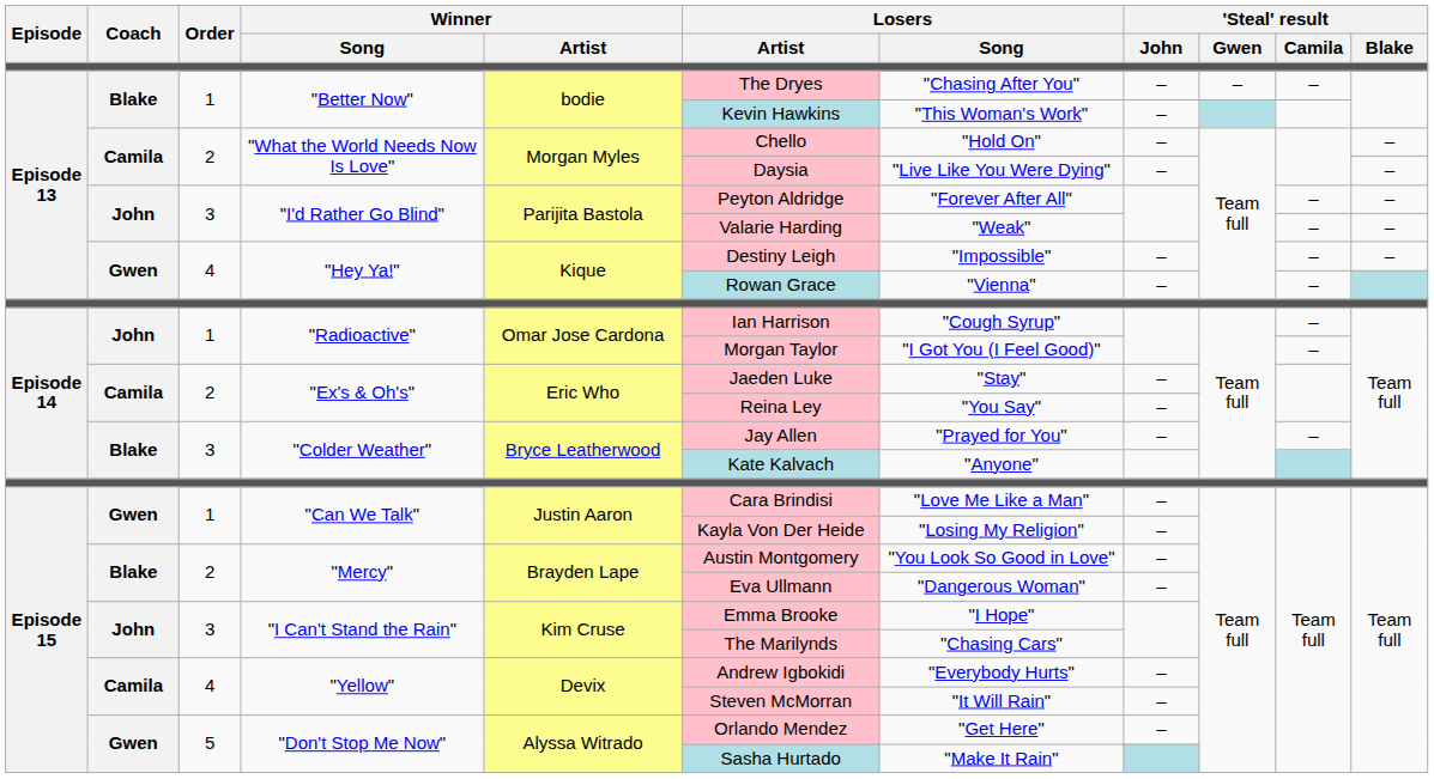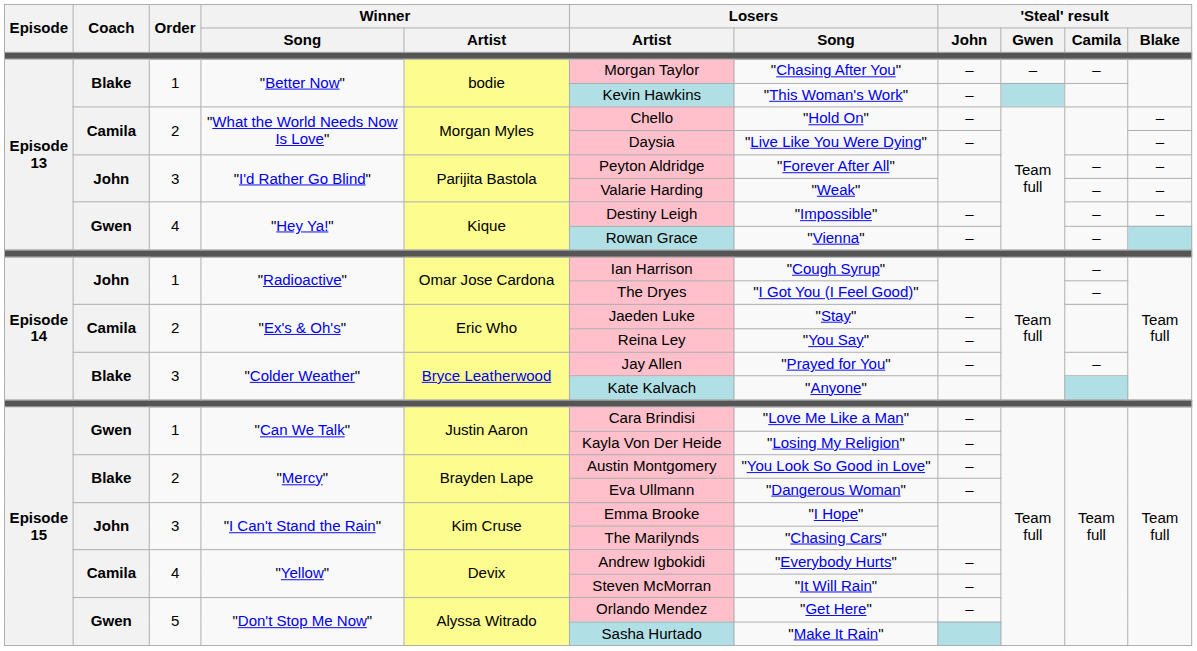 <table class="wikitable" style="text-align: center; width:100%">
 <tr>
 <th rowspan="2" style="width:04%">Episode</th>
 <th rowspan="2" style="width:06%">Coach</th>
 <th rowspan="2" style="width:04%">Order</th>
 <th colspan="2" style="width:30%">Winner</th>
 <th colspan="2" style="width:30%">Losers</th>
 <th colspan="4" style="width:20%">'Steal' result</th>
 </tr>
 <tr>
 <th style="width:16%">Song</th>
 <th style="width:13%">Artist</th>
 <th style="width:13%">Artist</th>
 <th style="width:16%">Song</th>
 <th style="width:05%">John</th>
 <th style="width:05%">Gwen</th>
 <th style="width:05%">Camila</th>
 <th style="width:05%">Blake</th>
 </tr>
 <tr>
 <td colspan="11" style="background:#555"></td>
 </tr>
 <tr>
 <th rowspan="8">Episode 13<br></th>
 <th scope="row" rowspan="2">Blake</th>
 <td rowspan="2">1</td>
 <td rowspan="2">"<a href='#'>Better Now</a>"</td>
 <td rowspan="2" style="background:#fdfc8f">bodie</td>
-<td style="background: pink">The Dryes</td>
+<td style="background: pink">Morgan Taylor</td>
 <td>"<a href='#'>Chasing After You</a>"</td>
 <td>–</td>
 <td>–</td>
 <td>–</td>
 <td rowspan="2"></td>
 </tr>
 <tr>
 <td style="background:#b0e0e6">Kevin Hawkins</td>
 <td>"<a href='#'>This Woman's Work</a>"</td>
 <td>–</td>
 <td style="background:#b0e0e6"><em></em></td>
 <td><em></em></td>
 </tr>
 <tr>
 <th scope="row" rowspan="2">Camila</th>
 <td rowspan="2">2</td>
 <td rowspan="2">"<a href='#'>What the World Needs Now Is Love</a>"</td>
 <td rowspan="2" style="background:#fdfc8f">Morgan Myles</td>
 <td style="background: pink">Chello</td>
 <td>"<a href='#'>Hold On</a>"</td>
 <td>–</td>
 <td rowspan="6">Team full</td>
 <td rowspan="2"></td>
 <td>–</td>
 </tr>
 <tr>
 <td style="background: pink">Daysia</td>
 <td>"<a href='#'>Live Like You Were Dying</a>"</td>
 <td>–</td>
 <td>–</td>
 </tr>
 <tr>
 <th scope="row" rowspan="2">John</th>
 <td rowspan="2">3</td>
 <td rowspan="2">"<a href='#'>I'd Rather Go Blind</a>"</td>
 <td rowspan="2" style="background:#fdfc8f">Parijita Bastola</td>
 <td style="background: pink">Peyton Aldridge</td>
 <td>"<a href='#'>Forever After All</a>"</td>
 <td rowspan="2"></td>
 <td>–</td>
 <td>–</td>
 </tr>
 <tr>
 <td style="background: pink">Valarie Harding</td>
 <td>"<a href='#'>Weak</a>"</td>
 <td>–</td>
 <td>–</td>
 </tr>
 <tr>
 <th scope="row" rowspan="2">Gwen</th>
 <td rowspan="2">4</td>
 <td rowspan="2">"<a href='#'>Hey Ya!</a>"</td>
 <td rowspan="2" style="background:#fdfc8f">Kique</td>
 <td style="background: pink">Destiny Leigh</td>
 <td>"<a href='#'>Impossible</a>"</td>
 <td>–</td>
 <td>–</td>
 <td>–</td>
 </tr>
 <tr>
 <td style="background:#b0e0e6">Rowan Grace</td>
 <td>"<a href='#'>Vienna</a>"</td>
 <td>–</td>
 <td>–</td>
 <td style="background:#b0e0e6"><em></em></td>
 </tr>
 <tr>
 <td colspan="11" style="background:#555"></td>
 </tr>
 <tr>
 <th rowspan="6">Episode 14<br></th>
 <th scope="row" rowspan="2">John</th>
 <td rowspan="2">1</td>
 <td rowspan="2">"<a href='#'>Radioactive</a>"</td>
 <td rowspan="2" style="background:#fdfc8f">Omar Jose Cardona</td>
 <td style="background: pink">Ian Harrison</td>
 <td>"<a href='#'>Cough Syrup</a>"</td>
 <td rowspan="2"></td>
 <td rowspan="6">Team full</td>
 <td>–</td>
 <td rowspan="6">Team full</td>
 </tr>
 <tr>
-<td style="background: pink">Morgan Taylor</td>
+<td style="background: pink">The Dryes</td>
 <td>"<a href='#'>I Got You (I Feel Good)</a>"</td>
 <td>–</td>
 </tr>
 <tr>
 <th scope="row" rowspan="2">Camila</th>
 <td rowspan="2">2</td>
 <td rowspan="2">"<a href='#'>Ex's & Oh's</a>"</td>
 <td rowspan="2" style="background:#fdfc8f">Eric Who</td>
 <td style="background: pink">Jaeden Luke</td>
 <td>"<a href='#'>Stay</a>"</td>
 <td>–</td>
 <td rowspan="2"></td>
 </tr>
 <tr>
 <td style="background: pink">Reina Ley</td>
 <td>"<a href='#'>You Say</a>"</td>
 <td>–</td>
 </tr>
 <tr>
 <th scope="row" rowspan="2">Blake</th>
 <td rowspan="2">3</td>
 <td rowspan="2">"<a href='#'>Colder Weather</a>"</td>
 <td rowspan="2" style="background:#fdfc8f"><a href='#'>Bryce Leatherwood</a></td>
 <td style="background: pink">Jay Allen</td>
 <td>"<a href='#'>Prayed for You</a>"</td>
 <td>–</td>
 <td>–</td>
 </tr>
 <tr>
 <td style="background:#b0e0e6">Kate Kalvach</td>
 <td>"<a href='#'>Anyone</a>"</td>
 <td><em></em></td>
 <td style="background:#b0e0e6"><em></em></td>
 </tr>
 <tr>
 <td colspan="11" style="background:#555"></td>
 </tr>
 <tr>
 <th rowspan="10">Episode 15<br></th>
 <th scope="row" rowspan="2">Gwen</th>
 <td rowspan="2">1</td>
 <td rowspan="2">"<a href='#'>Can We Talk</a>"</td>
 <td rowspan="2" style="background:#fdfc8f">Justin Aaron</td>
 <td style="background: pink">Cara Brindisi</td>
 <td>"<a href='#'>Love Me Like a Man</a>"</td>
 <td>–</td>
 <td rowspan="10">Team full</td>
 <td rowspan="10">Team full</td>
 <td rowspan="10">Team full</td>
 </tr>
 <tr>
 <td style="background: pink">Kayla Von Der Heide</td>
 <td>"<a href='#'>Losing My Religion</a>"</td>
 <td>–</td>
 </tr>
 <tr>
 <th scope="row" rowspan="2">Blake</th>
 <td rowspan="2">2</td>
 <td rowspan="2">"<a href='#'>Mercy</a>"</td>
 <td rowspan="2" style="background:#fdfc8f">Brayden Lape</td>
 <td style="background: pink">Austin Montgomery</td>
 <td>"<a href='#'>You Look So Good in Love</a>"</td>
 <td>–</td>
 </tr>
 <tr>
 <td style="background: pink">Eva Ullmann</td>
 <td>"<a href='#'>Dangerous Woman</a>"</td>
 <td>–</td>
 </tr>
 <tr>
 <th scope="row" rowspan="2">John</th>
 <td rowspan="2">3</td>
 <td rowspan="2">"<a href='#'>I Can't Stand the Rain</a>"</td>
 <td rowspan="2" style="background:#fdfc8f">Kim Cruse</td>
 <td style="background: pink">Emma Brooke</td>
 <td>"<a href='#'>I Hope</a>"</td>
 <td rowspan="2"></td>
 </tr>
 <tr>
 <td style="background: pink">The Marilynds</td>
 <td>"<a href='#'>Chasing Cars</a>"</td>
 </tr>
 <tr>
 <th scope="row" rowspan="2">Camila</th>
 <td rowspan="2">4</td>
 <td rowspan="2">"<a href='#'>Yellow</a>"</td>
 <td rowspan="2" style="background:#fdfc8f">Devix</td>
 <td style="background: pink">Andrew Igbokidi</td>
 <td>"<a href='#'>Everybody Hurts</a>"</td>
 <td>–</td>
 </tr>
 <tr>
 <td style="background: pink">Steven McMorran</td>
 <td>"<a href='#'>It Will Rain</a>"</td>
 <td>–</td>
 </tr>
 <tr>
 <th scope="row" rowspan="2">Gwen</th>
 <td rowspan="2">5</td>
 <td rowspan="2">"<a href='#'>Don't Stop Me Now</a>"</td>
 <td rowspan="2" style="background:#fdfc8f">Alyssa Witrado</td>
 <td style="background: pink">Orlando Mendez</td>
 <td>"<a href='#'>Get Here</a>"</td>
 <td>–</td>
 </tr>
 <tr>
 <td style="background:#b0e0e6">Sasha Hurtado</td>
 <td>"<a href='#'>Make It Rain</a>"</td>
 <td style="background:#b0e0e6"><em></em></td>
 </tr>
 </table>
